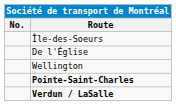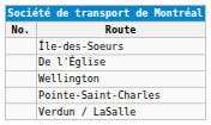 <table align=center class="wikitable">
 <tr>
 <th style="background: #0085CA; font-size:100%; color:#FFFFFF;"colspan="4">Société de transport de Montréal</th>
 </tr>
 <tr>
 <th>No.</th>
 <th>Route</th>
 </tr>
 <tr>
 <td></td>
 <td>Île-des-Soeurs</td>
 </tr>
 <tr>
 <td></td>
 <td>De l'Église</td>
 </tr>
 <tr>
 <td></td>
 <td>Wellington</td>
 </tr>
 <tr>
 <td></td>
-<td><strong>Pointe-Saint-Charles</strong></td>
+<td>Pointe-Saint-Charles</td>
 </tr>
 <tr>
 <td {{Avoid wrap> </td>
-<td><strong>Verdun / LaSalle</strong></td>
+<td>Verdun / LaSalle</td>
 </tr>
 </table>
